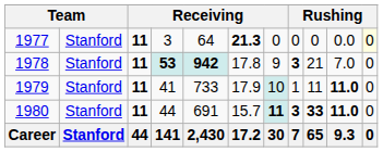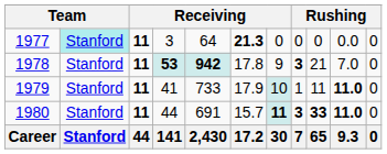 <table class="wikitable" style="text-align:center;">
 <tr>
 </tr>
 <tr>
 <th colspan=2>Team</th>
 <th colspan=5>Receiving</th>
 <th colspan=5>Rushing</th>
 </tr>
 <tr>
 <td><a href='#'>1977</a></td>
-<td><a href='#'>Stanford</a></td>
+<td style="background: paleturquoise;"><a href='#'>Stanford</a></td>
 <td><strong>11</strong></td>
 <td>3</td>
 <td>64</td>
 <td><strong>21.3</strong></td>
 <td>0</td>
 <td>0</td>
 <td>0</td>
 <td>0.0</td>
-<td style="background: lightyellow;">0</td>
+<td>0</td>
 </tr>
 <tr>
 <td><a href='#'>1978</a></td>
 <td><a href='#'>Stanford</a></td>
 <td><strong>11</strong></td>
 <td style="background:#cfecec;"><strong>53</strong></td>
 <td style="background:#cfecec;"><strong>942</strong></td>
 <td>17.8</td>
 <td>9</td>
 <td><strong>3</strong></td>
 <td>21</td>
 <td>7.0</td>
 <td>0</td>
 </tr>
 <tr>
 <td><a href='#'>1979</a></td>
 <td><a href='#'>Stanford</a></td>
 <td><strong>11</strong></td>
 <td>41</td>
 <td>733</td>
 <td>17.9</td>
 <td style="background:#cfecec;">10</td>
 <td>1</td>
 <td>11</td>
 <td><strong>11.0</strong></td>
 <td>0</td>
 </tr>
 <tr>
 <td><a href='#'>1980</a></td>
 <td><a href='#'>Stanford</a></td>
 <td><strong>11</strong></td>
 <td>44</td>
 <td>691</td>
 <td>15.7</td>
 <td style="background:#cfecec;"><strong>11</strong></td>
 <td><strong>3</strong></td>
 <td><strong>33</strong></td>
 <td><strong>11.0</strong></td>
 <td>0</td>
 </tr>
 <tr>
 <th>Career</th>
 <th><a href='#'>Stanford</a></th>
 <th>44</th>
 <th>141</th>
 <th>2,430</th>
 <th>17.2</th>
 <th>30</th>
 <th>7</th>
 <th>65</th>
 <th>9.3</th>
 <th>0</th>
 </tr>
 </table>
